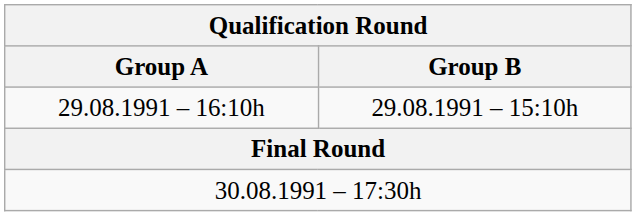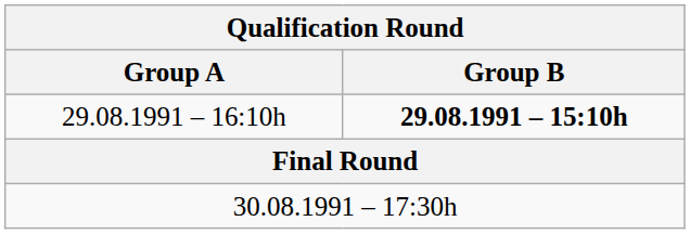 <table class="wikitable" style=" text-align:center; font-size:110%;" width="35%">
 <tr>
 <th colspan="2">Qualification Round</th>
 </tr>
 <tr>
 <th>Group A</th>
 <th>Group B</th>
 </tr>
 <tr>
 <td>29.08.1991 – 16:10h</td>
-<td>29.08.1991 – 15:10h</td>
+<td><strong>29.08.1991 – 15:10h</strong></td>
 </tr>
 <tr>
 <th colspan="2">Final Round</th>
 </tr>
 <tr>
 <td colspan="2">30.08.1991 – 17:30h</td>
 </tr>
 </table>
